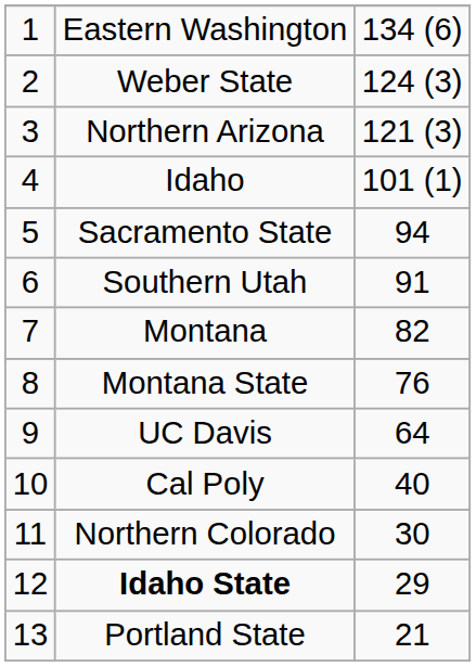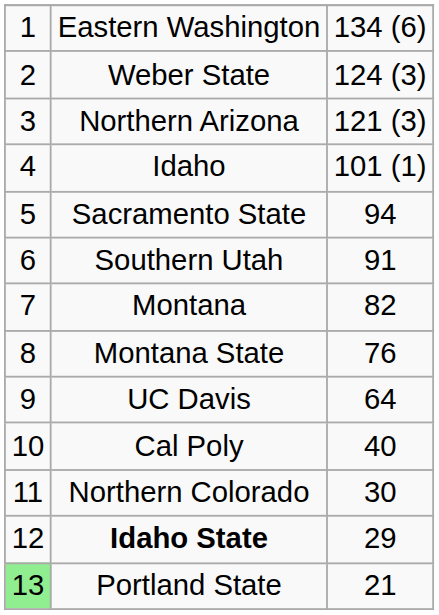 <table class="wikitable" style="display: inline-table;">
 <tr align="center">
 </tr>
 <tr align="center">
 <td>1</td>
 <td>Eastern Washington</td>
 <td>134 (6)</td>
 </tr>
 <tr align="center">
 <td>2</td>
 <td>Weber State</td>
 <td>124 (3)</td>
 </tr>
 <tr align="center">
 <td>3</td>
 <td>Northern Arizona</td>
 <td>121 (3)</td>
 </tr>
 <tr align="center">
 <td>4</td>
 <td>Idaho</td>
 <td>101 (1)</td>
 </tr>
 <tr align="center">
 <td>5</td>
 <td>Sacramento State</td>
 <td>94</td>
 </tr>
 <tr align="center">
 <td>6</td>
 <td>Southern Utah</td>
 <td>91</td>
 </tr>
 <tr align="center">
 <td>7</td>
 <td>Montana</td>
 <td>82</td>
 </tr>
 <tr align="center">
 <td>8</td>
 <td>Montana State</td>
 <td>76</td>
 </tr>
 <tr align="center">
 <td>9</td>
 <td>UC Davis</td>
 <td>64</td>
 </tr>
 <tr align="center">
 <td>10</td>
 <td>Cal Poly</td>
 <td>40</td>
 </tr>
 <tr align="center">
 <td>11</td>
 <td>Northern Colorado</td>
 <td>30</td>
 </tr>
 <tr align="center">
 <td>12</td>
 <td><strong>Idaho State</strong></td>
 <td>29</td>
 </tr>
 <tr align="center">
-<td>13</td>
+<td style="background: lightgreen;">13</td>
 <td>Portland State</td>
 <td>21</td>
 </tr>
 </table>
